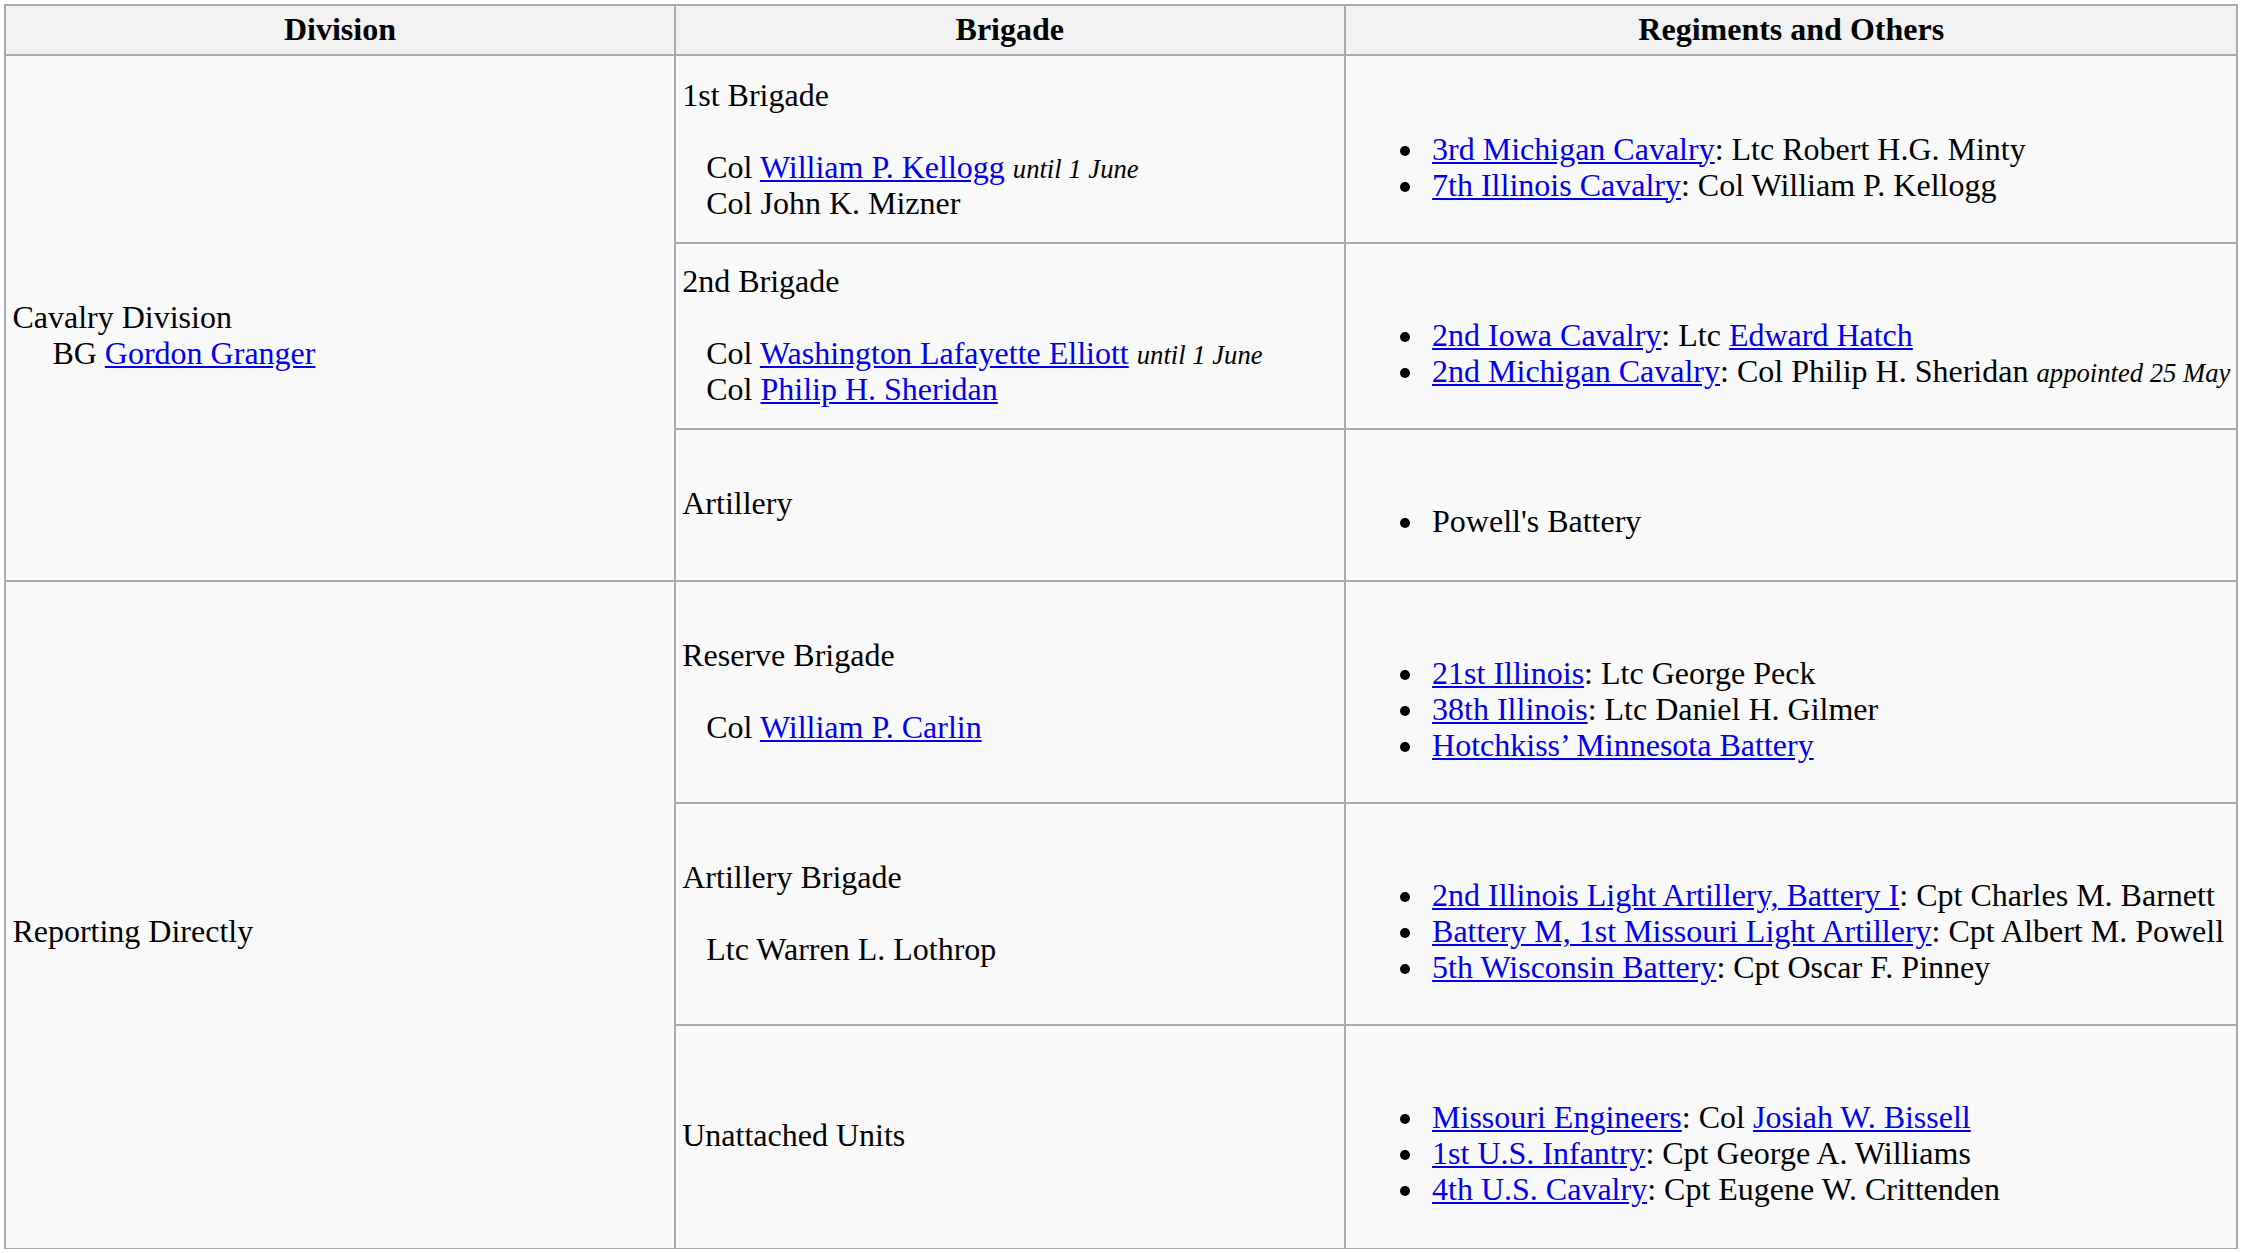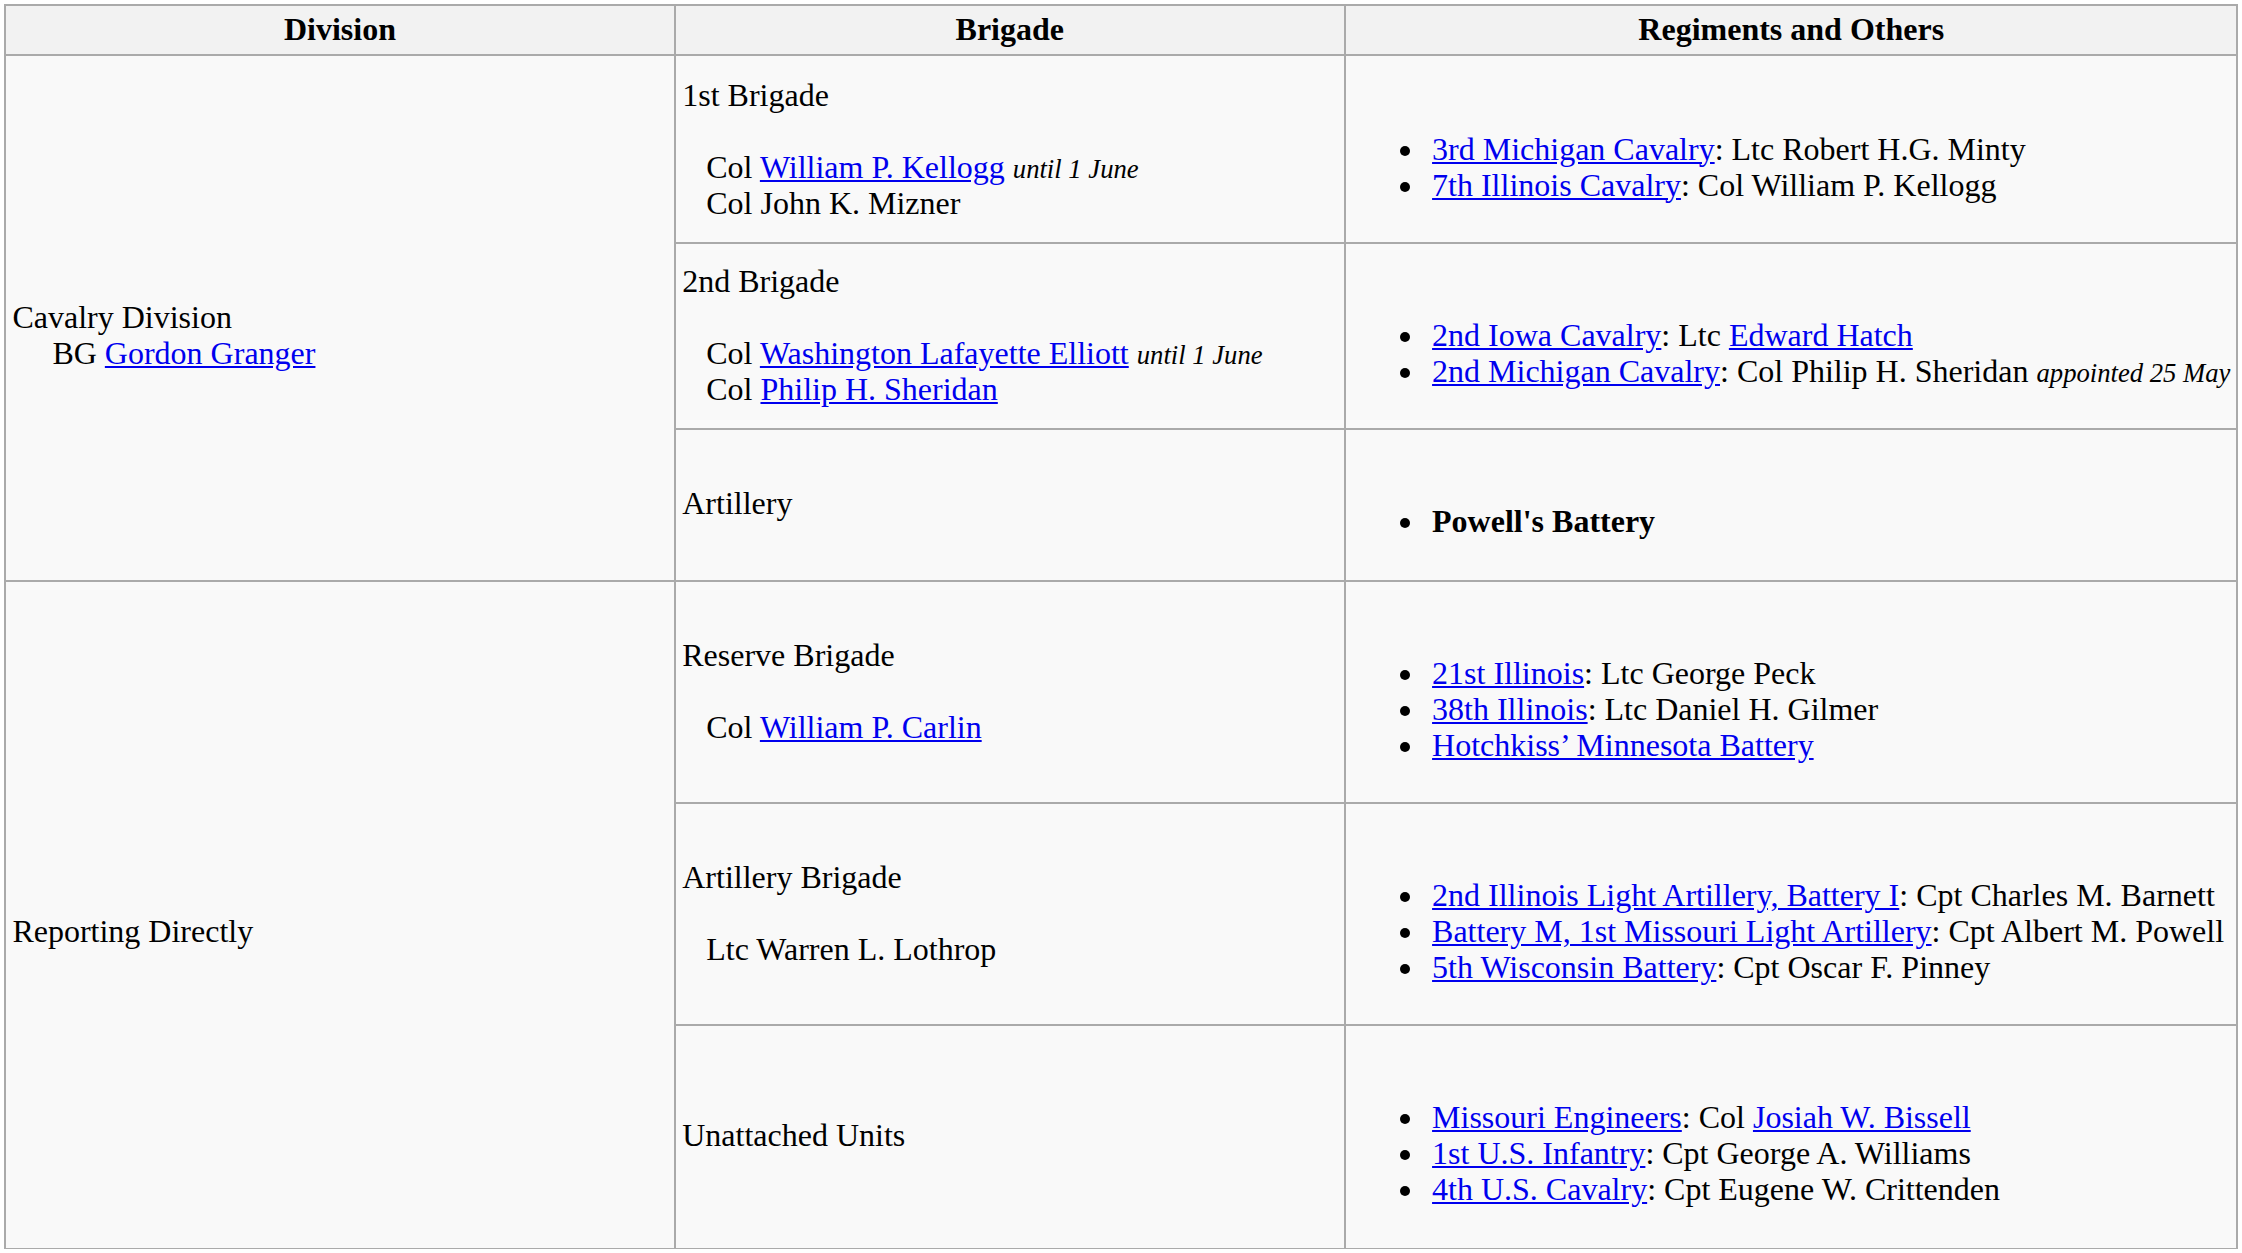 <table class="wikitable">
 <tr>
 <th width=30%>Division</th>
 <th width=30%>Brigade</th>
 <th>Regiments and Others</th>
 </tr>
 <tr>
 <td rowspan=3><br>Cavalry Division <br>     BG <a href='#'>Gordon Granger</a></td>
 <td>1st Brigade<br><br>   Col <a href='#'>William P. Kellogg</a> <small><em>until 1 June</em></small> <br>   Col John K. Mizner</td>
 <td><br><ul><li><a href='#'>3rd Michigan Cavalry</a>: Ltc Robert H.G. Minty</li><li><a href='#'>7th Illinois Cavalry</a>: Col William P. Kellogg</li></ul></td>
 </tr>
 <tr>
 <td>2nd Brigade<br><br>   Col <a href='#'>Washington Lafayette Elliott</a> <small><em>until 1 June</em></small><br>   Col <a href='#'>Philip H. Sheridan</a></td>
 <td><br><ul><li><a href='#'>2nd Iowa Cavalry</a>: Ltc <a href='#'>Edward Hatch</a></li><li><a href='#'>2nd Michigan Cavalry</a>: Col Philip H. Sheridan <small><em>appointed 25 May</em></small></li></ul></td>
 </tr>
 <tr>
 <td>Artillery</td>
-<td><br><ul><li>Powell's Battery</li></ul></td>
+<td><strong><br><ul><li>Powell's Battery</li></ul></strong></td>
 </tr>
 <tr>
 <td rowspan=3><br>Reporting Directly</td>
 <td>Reserve Brigade<br><br>   Col <a href='#'>William P. Carlin</a></td>
 <td><br><ul><li><a href='#'>21st Illinois</a>: Ltc George Peck</li><li><a href='#'>38th Illinois</a>: Ltc Daniel H. Gilmer</li><li><a href='#'>Hotchkiss’ Minnesota Battery</a></li></ul></td>
 </tr>
 <tr>
 <td>Artillery Brigade<br><br>   Ltc Warren L. Lothrop</td>
 <td><br><ul><li><a href='#'>2nd Illinois Light Artillery, Battery I</a>: Cpt Charles M. Barnett</li><li><a href='#'>Battery M, 1st Missouri Light Artillery</a>: Cpt Albert M. Powell</li><li><a href='#'>5th Wisconsin Battery</a>: Cpt Oscar F. Pinney</li></ul></td>
 </tr>
 <tr>
 <td>Unattached Units</td>
 <td><br><ul><li><a href='#'>Missouri Engineers</a>: Col <a href='#'>Josiah W. Bissell</a></li><li><a href='#'>1st U.S. Infantry</a>: Cpt George A. Williams</li><li><a href='#'>4th U.S. Cavalry</a>: Cpt Eugene W. Crittenden</li></ul></td>
 </tr>
 <tr>
 </tr>
 </table>
